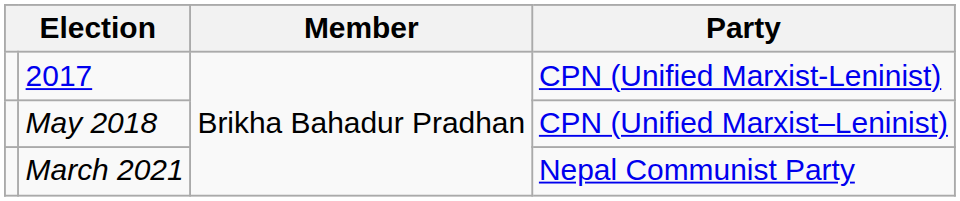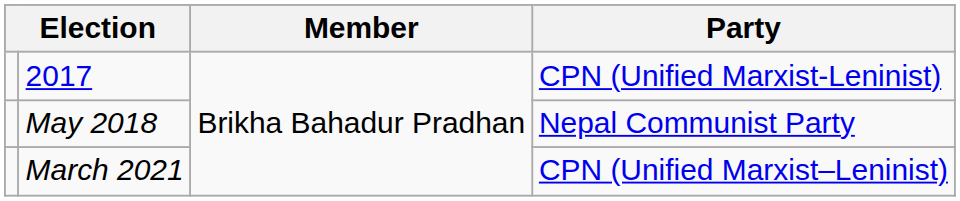 <table class="wikitable">
 <tr>
 <th colspan="2">Election</th>
 <th>Member</th>
 <th>Party</th>
 </tr>
 <tr>
 <td style="background-color:"></td>
 <td><a href='#'>2017</a></td>
 <td rowspan="3">Brikha Bahadur Pradhan</td>
 <td><a href='#'>CPN (Unified Marxist-Leninist)</a></td>
 </tr>
 <tr>
 <td style="background-color:"></td>
 <td><em>May 2018</em></td>
-<td><a href='#'>CPN (Unified Marxist–Leninist)</a></td>
+<td><a href='#'>Nepal Communist Party</a></td>
 </tr>
 <tr>
 <td style="background-color:"></td>
 <td><em>March 2021</em></td>
-<td><a href='#'>Nepal Communist Party</a></td>
+<td><a href='#'>CPN (Unified Marxist–Leninist)</a></td>
 </tr>
 </table>
